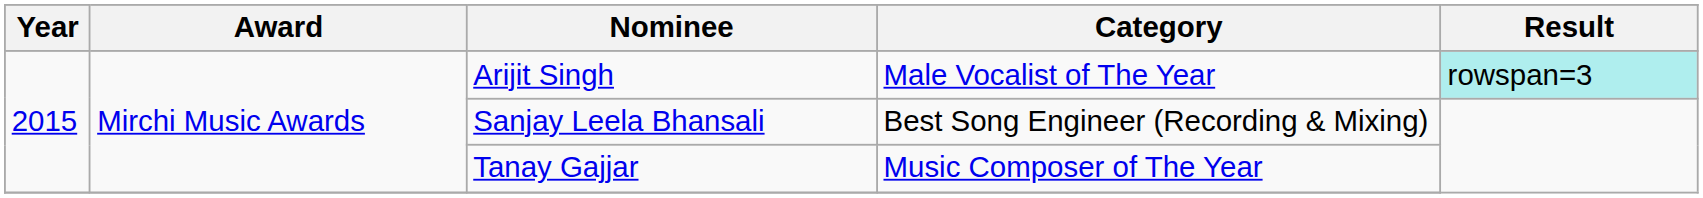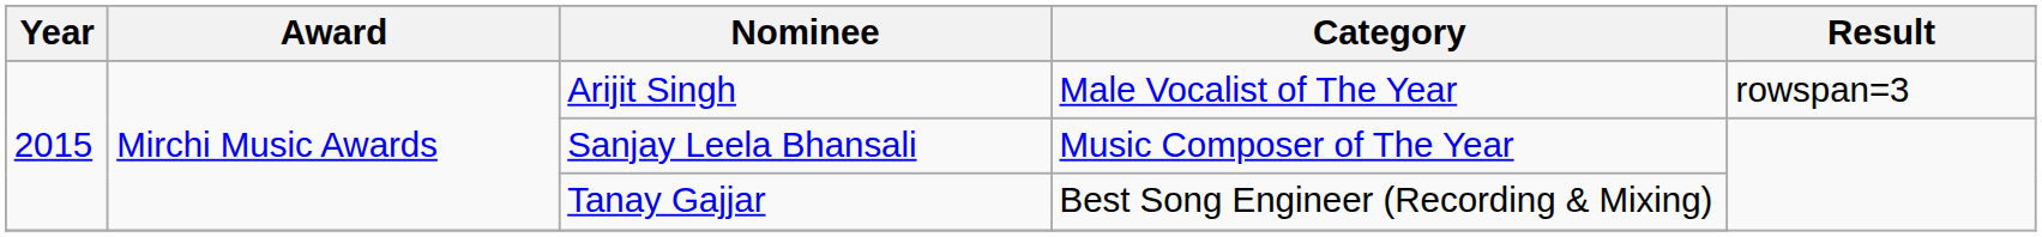 <table class="wikitable sortable plainrowheaders">
 <tr>
 <th width=5%>Year</th>
 <th width=22%>Award</th>
 <th width=24%>Nominee</th>
 <th width=33%>Category</th>
 <th width=15%>Result</th>
 </tr>
 <tr>
 <td rowspan=3><a href='#'>2015</a></td>
 <td rowspan=3><a href='#'>Mirchi Music Awards</a></td>
 <td><a href='#'>Arijit Singh</a></td>
 <td><a href='#'>Male Vocalist of The Year</a></td>
-<td style="background: paleturquoise;">rowspan=3 </td>
+<td>rowspan=3 </td>
 </tr>
 <tr>
 <td><a href='#'>Sanjay Leela Bhansali</a></td>
-<td>Best Song Engineer (Recording & Mixing)</td>
+<td><a href='#'>Music Composer of The Year</a></td>
 </tr>
 <tr>
 <td><a href='#'>Tanay Gajjar</a></td>
-<td><a href='#'>Music Composer of The Year</a></td>
+<td>Best Song Engineer (Recording & Mixing)</td>
 </tr>
 <tr>
 </tr>
 </table>
